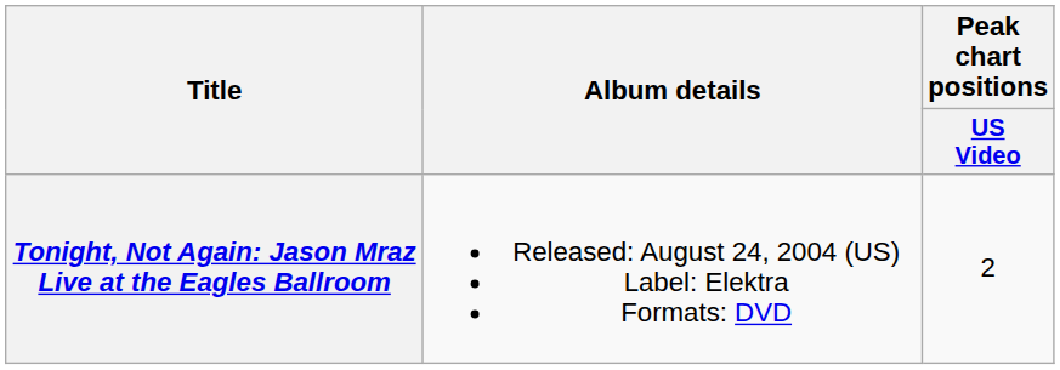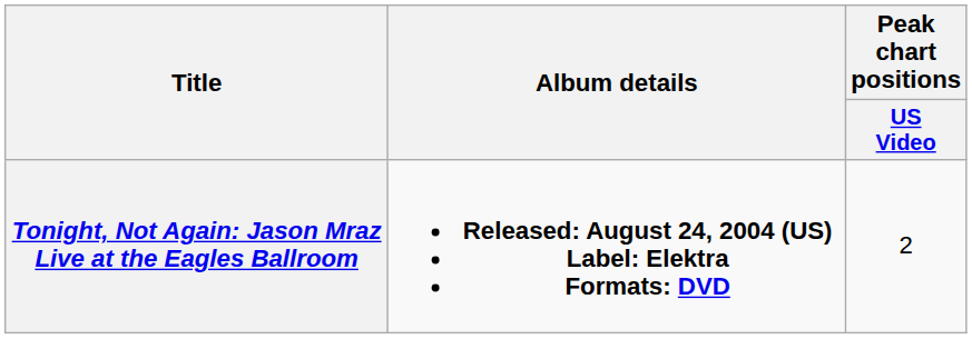 <table class="wikitable plainrowheaders" style="text-align:center;">
 <tr>
 <th scope="col" rowspan="2" style="width:15em;">Title</th>
 <th scope="col" rowspan="2" style="width:18em;">Album details</th>
 <th scope="col">Peak chart positions</th>
 </tr>
 <tr>
 <th scope="col" style="width:3em;font-size:90%;"><a href='#'>US<br>Video</a><br></th>
 </tr>
 <tr>
 <th scope="row"><em><a href='#'>Tonight, Not Again: Jason Mraz Live at the Eagles Ballroom</a></em></th>
-<td><br><ul><li>Released: August 24, 2004 <span>(US)</span></li><li>Label: Elektra</li><li>Formats: <a href='#'>DVD</a></li></ul></td>
+<td><strong><br><ul><li>Released: August 24, 2004 <span>(US)</span></li><li>Label: Elektra</li><li>Formats: <a href='#'>DVD</a></li></ul></strong></td>
 <td>2</td>
 </tr>
 </table>
